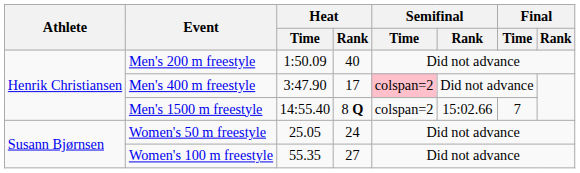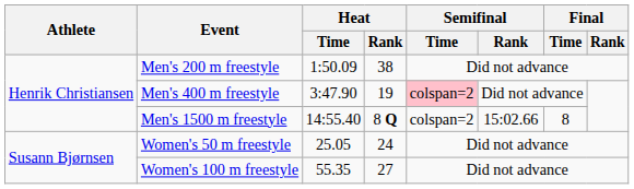 <table class=wikitable style="font-size:90%">
 <tr>
 <th rowspan="2">Athlete</th>
 <th rowspan="2">Event</th>
 <th colspan="2">Heat</th>
 <th colspan="2">Semifinal</th>
 <th colspan="2">Final</th>
 </tr>
 <tr style="font-size:95%">
 <th>Time</th>
 <th>Rank</th>
 <th>Time</th>
 <th>Rank</th>
 <th>Time</th>
 <th>Rank</th>
 </tr>
 <tr align=center>
 <td align=left rowspan=3><a href='#'>Henrik Christiansen</a></td>
 <td align=left><a href='#'>Men's 200 m freestyle</a></td>
 <td>1:50.09</td>
-<td>40</td>
+<td>38</td>
 <td colspan=4>Did not advance</td>
 </tr>
 <tr align=center>
 <td align=left><a href='#'>Men's 400 m freestyle</a></td>
 <td>3:47.90</td>
-<td>17</td>
+<td>19</td>
 <td style="background: pink;">colspan=2 </td>
 <td colspan=2>Did not advance</td>
 </tr>
 <tr align=center>
 <td align=left><a href='#'>Men's 1500 m freestyle</a></td>
 <td>14:55.40</td>
 <td>8 <strong>Q</strong></td>
 <td>colspan=2 </td>
 <td>15:02.66</td>
-<td>7</td>
+<td>8</td>
 </tr>
 <tr align=center>
 <td align=left rowspan=2><a href='#'>Susann Bjørnsen</a></td>
 <td align=left><a href='#'>Women's 50 m freestyle</a></td>
 <td>25.05</td>
 <td>24</td>
 <td colspan=4>Did not advance</td>
 </tr>
 <tr align=center>
 <td align=left><a href='#'>Women's 100 m freestyle</a></td>
 <td>55.35</td>
 <td>27</td>
 <td colspan=4>Did not advance</td>
 </tr>
 </table>
